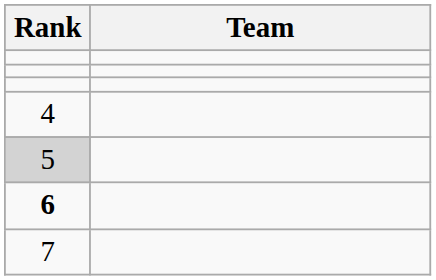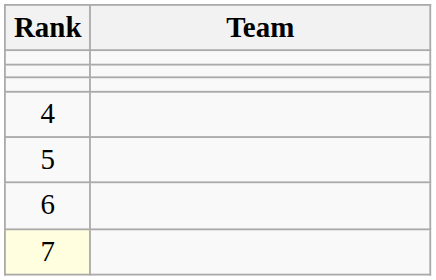 <table class="wikitable" style="text-align: center;">
 <tr>
 <th width=40>Rank</th>
 <th width=180>Team</th>
 </tr>
 <tr align=center>
 <td></td>
 <td style="text-align:left;"></td>
 </tr>
 <tr align=center>
 <td></td>
 <td style="text-align:left;"></td>
 </tr>
 <tr align=center>
 <td></td>
 <td style="text-align:left;"></td>
 </tr>
 <tr align=center>
 <td>4</td>
 <td style="text-align:left;"></td>
 </tr>
 <tr align=center>
-<td style="background: lightgrey;">5</td>
+<td>5</td>
 <td style="text-align:left;"></td>
 </tr>
 <tr align=center>
-<td><strong>6</strong></td>
+<td>6</td>
 <td style="text-align:left;"></td>
 </tr>
 <tr align=center>
-<td>7</td>
+<td style="background: lightyellow;">7</td>
 <td style="text-align:left;"></td>
 </tr>
 </table>
